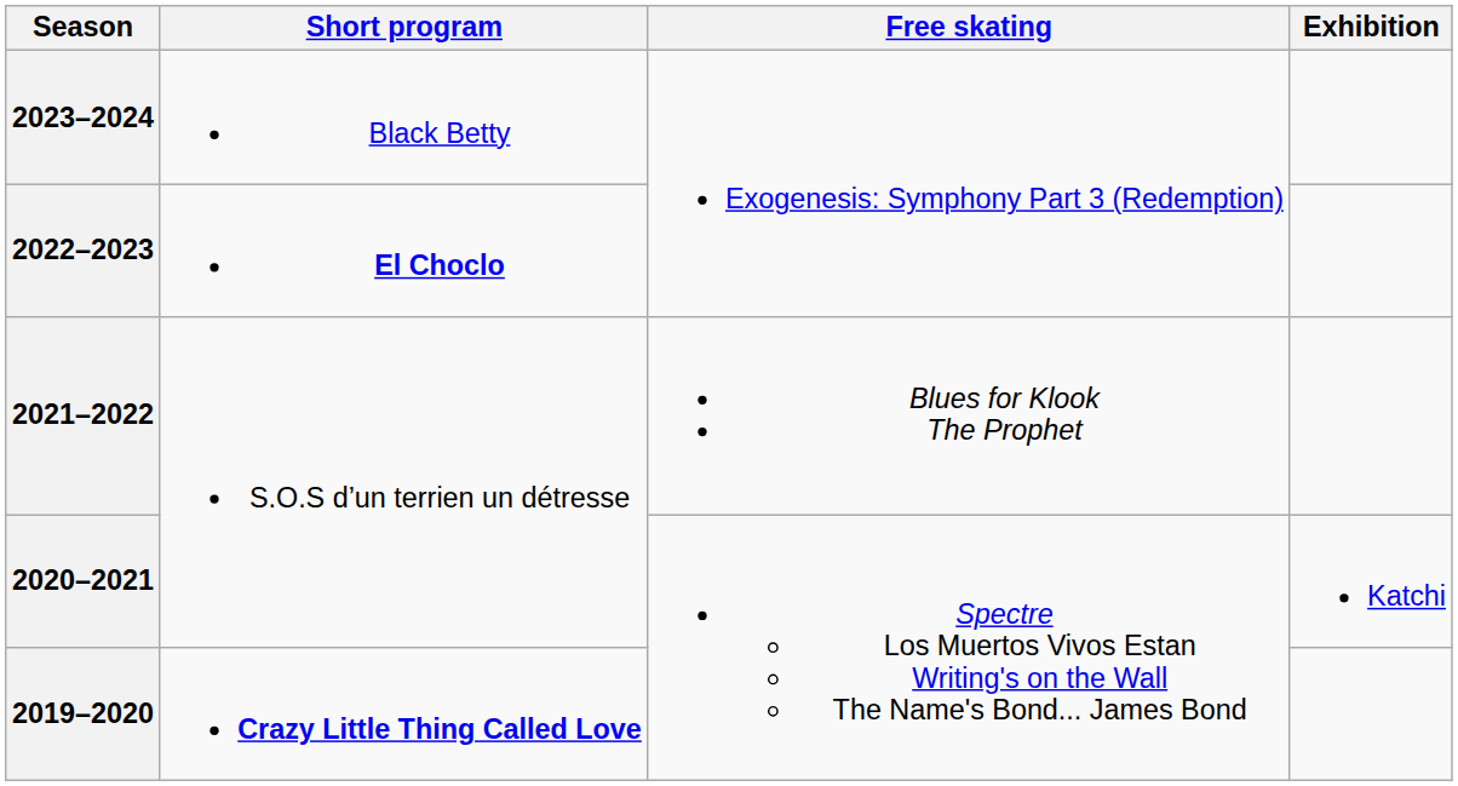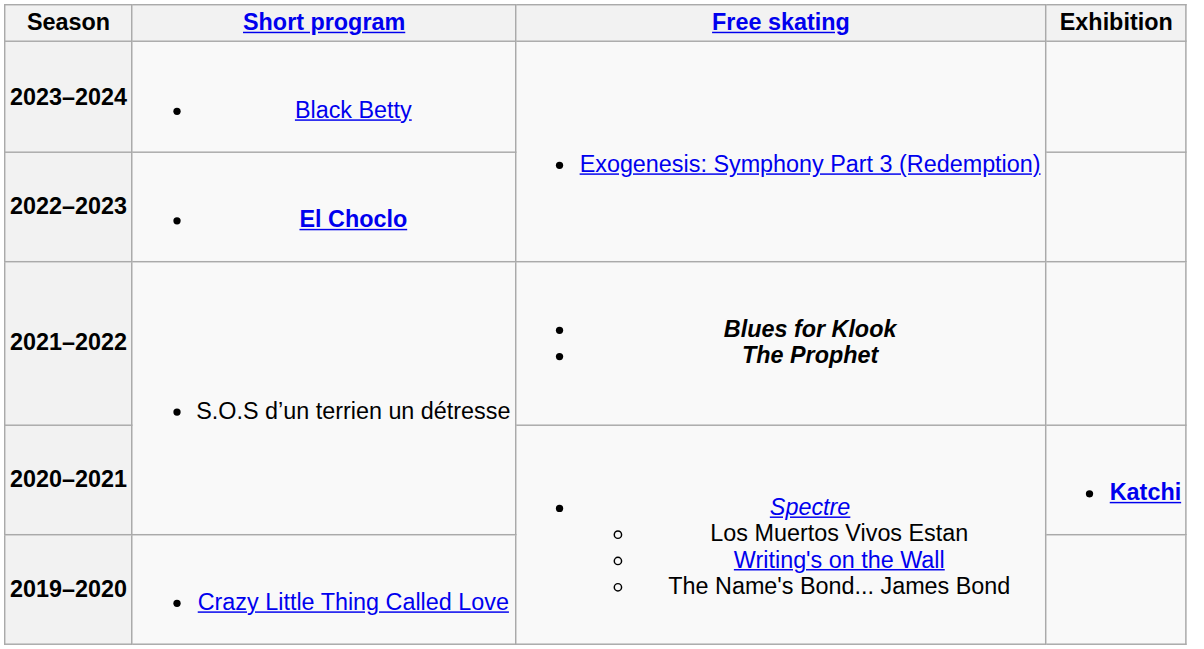 <table class=wikitable style=text-align:center>
 <tr>
 <th>Season</th>
 <th><a href='#'>Short program</a></th>
 <th><a href='#'>Free skating</a></th>
 <th>Exhibition</th>
 </tr>
 <tr>
 <th>2023–2024 <br> </th>
 <td><br><ul><li><a href='#'>Black Betty</a> <br></li></ul></td>
 <td rowspan=2><br><ul><li><a href='#'>Exogenesis: Symphony Part 3 (Redemption)</a> <br></li></ul></td>
 <td></td>
 </tr>
 <tr>
 <th>2022–2023 <br> </th>
 <td><strong><br><ul><li><a href='#'>El Choclo</a> <br></li></ul></strong></td>
 <td></td>
 </tr>
 <tr>
 <th>2021–2022 <br> </th>
 <td rowspan=2><br><ul><li>S.O.S d’un terrien un détresse <br></li></ul></td>
-<td><br><ul><li><em>Blues for Klook</em><br></li><li><em>The Prophet </em><br><br></li></ul></td>
+<td><strong><br><ul><li><em>Blues for Klook</em><br></li><li><em>The Prophet </em><br><br></li></ul></strong></td>
 <td></td>
 </tr>
 <tr>
 <th>2020–2021 <br> </th>
 <td rowspan=2><br><ul><li><em><a href='#'>Spectre</a></em><ul><li>Los Muertos Vivos Estan <br></li><li><a href='#'>Writing's on the Wall</a> <br></li><li>The Name's Bond... James Bond <br></li></ul></li></ul></td>
-<td><br><ul><li><a href='#'>Katchi</a> <br></li></ul></td>
+<td><strong><br><ul><li><a href='#'>Katchi</a> <br></li></ul></strong></td>
 </tr>
 <tr>
 <th>2019–2020 <br> </th>
-<td><strong><br><ul><li><a href='#'>Crazy Little Thing Called Love</a> <br></li></ul></strong></td>
+<td><br><ul><li><a href='#'>Crazy Little Thing Called Love</a> <br></li></ul></td>
 <td></td>
 </tr>
 </table>
